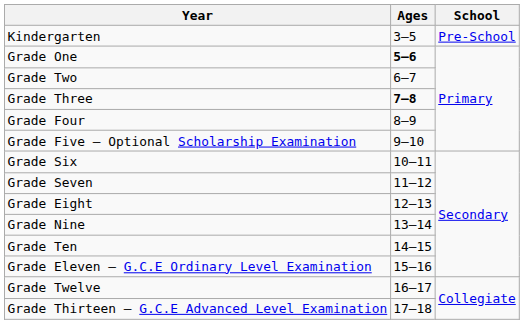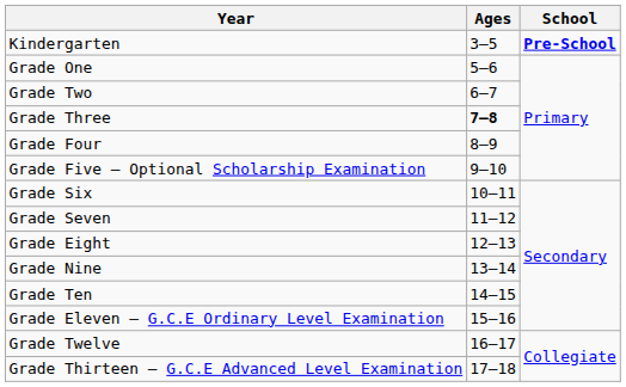 <table class="wikitable">
 <tr>
 <th>Year</th>
 <th>Ages</th>
 <th>School</th>
 </tr>
 <tr>
 <td>Kindergarten</td>
 <td>3–5</td>
-<td rowspan=1><a href='#'>Pre-School</a></td>
+<td rowspan=1><strong><a href='#'>Pre-School</a></strong></td>
 </tr>
 <tr>
 <td>Grade One</td>
-<td><strong>5–6</strong></td>
+<td>5–6</td>
 <td rowspan=5><a href='#'>Primary</a></td>
 </tr>
 <tr>
 <td>Grade Two</td>
 <td>6–7</td>
 </tr>
 <tr>
 <td>Grade Three</td>
 <td><strong>7–8</strong></td>
 </tr>
 <tr>
 <td>Grade Four</td>
 <td>8–9</td>
 </tr>
 <tr>
 <td>Grade Five – Optional <a href='#'>Scholarship Examination</a></td>
 <td>9–10</td>
 </tr>
 <tr>
 <td>Grade Six</td>
 <td>10–11</td>
 <td rowspan=6><a href='#'>Secondary</a></td>
 </tr>
 <tr>
 <td>Grade Seven</td>
 <td>11–12</td>
 </tr>
 <tr>
 <td>Grade Eight</td>
 <td>12–13</td>
 </tr>
 <tr>
 <td>Grade Nine</td>
 <td>13–14</td>
 </tr>
 <tr>
 <td>Grade Ten</td>
 <td>14–15</td>
 </tr>
 <tr>
 <td>Grade Eleven – <a href='#'>G.C.E Ordinary Level Examination</a></td>
 <td>15–16</td>
 </tr>
 <tr>
 <td>Grade Twelve</td>
 <td>16–17</td>
 <td rowspan=2><a href='#'>Collegiate</a></td>
 </tr>
 <tr>
 <td>Grade Thirteen – <a href='#'>G.C.E Advanced Level Examination</a></td>
 <td>17–18</td>
 </tr>
 </table>
